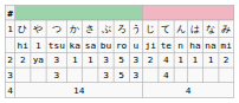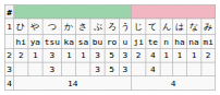 <table border="1" class="wikitable" style="text-align:center">
 <tr>
 <th>#</th>
 <th colspan="8" style="background: #9bd4aa;"></th>
 <th colspan="6" style="background: #f2b6c3;"></th>
 </tr>
 <tr>
 <td>1</td>
 <td>ひ</td>
 <td>や</td>
 <td>つ</td>
 <td>か</td>
 <td>さ</td>
 <td>ぶ</td>
 <td>ろ</td>
 <td>う</td>
 <td>じ</td>
 <td>て</td>
 <td>ん</td>
 <td>は</td>
 <td>な</td>
 <td>み</td>
 </tr>
 <tr>
 <td></td>
 <td>hi</td>
-<td>1</td>
+<td>ya</td>
 <td>tsu</td>
 <td>ka</td>
 <td>sa</td>
 <td>bu</td>
 <td>ro</td>
 <td>u</td>
 <td>ji</td>
 <td>te</td>
 <td>n</td>
 <td>ha</td>
 <td>na</td>
 <td>mi</td>
 </tr>
 <tr>
 <td>2</td>
 <td>2</td>
-<td>ya</td>
+<td>1</td>
 <td>3</td>
 <td>1</td>
 <td>1</td>
 <td>3</td>
 <td>5</td>
 <td>3</td>
 <td>2</td>
 <td>4</td>
 <td>1</td>
 <td>1</td>
 <td>1</td>
 <td>2</td>
 </tr>
 <tr>
 <td>3</td>
 <td></td>
 <td></td>
 <td>3</td>
 <td></td>
 <td></td>
 <td>3</td>
 <td>5</td>
 <td>3</td>
 <td></td>
 <td>4</td>
 <td></td>
 <td></td>
 <td></td>
 <td></td>
 </tr>
 <tr>
 <td>4</td>
 <td colspan="8">14</td>
 <td colspan="6">4</td>
 </tr>
 </table>
